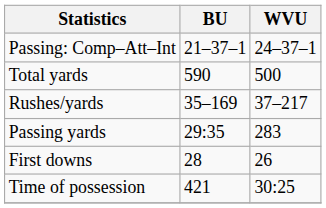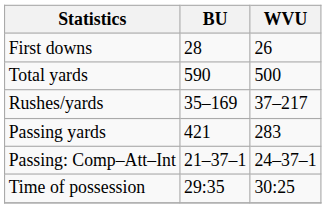 <table class="wikitable" style="float: left;">
 <tr>
 <th>Statistics</th>
 <th>BU</th>
 <th>WVU</th>
 </tr>
 <tr>
-<td>Passing: Comp–Att–Int</td>
-<td>21–37–1</td>
-<td>24–37–1</td>
+<td>First downs</td>
+<td>28</td>
+<td>26</td>
 </tr>
 <tr>
 <td>Total yards</td>
 <td>590</td>
 <td>500</td>
 </tr>
 <tr>
 <td>Rushes/yards</td>
 <td>35–169</td>
 <td>37–217</td>
 </tr>
 <tr>
 <td>Passing yards</td>
-<td>29:35</td>
+<td>421</td>
 <td>283</td>
 </tr>
 <tr>
-<td>First downs</td>
-<td>28</td>
-<td>26</td>
+<td>Passing: Comp–Att–Int</td>
+<td>21–37–1</td>
+<td>24–37–1</td>
 </tr>
 <tr>
 <td>Time of possession</td>
-<td>421</td>
+<td>29:35</td>
 <td>30:25</td>
 </tr>
 <tr>
 </tr>
 </table>
